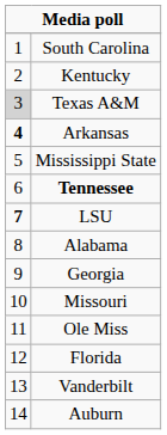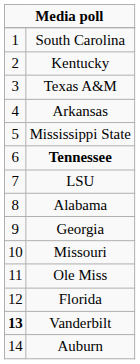 <table class="wikitable">
 <tr align="center">
 <td align="center" Colspan="2"><strong>Media poll</strong></td>
 </tr>
 <tr align="center">
 </tr>
 <tr align="center">
 <td>1</td>
 <td>South Carolina</td>
 </tr>
 <tr align="center">
 <td>2</td>
 <td>Kentucky</td>
 </tr>
 <tr align="center">
-<td style="background: lightgrey;">3</td>
+<td>3</td>
 <td>Texas A&M</td>
 </tr>
 <tr align="center">
-<td><strong>4</strong></td>
+<td>4</td>
 <td>Arkansas</td>
 </tr>
 <tr align="center">
 <td>5</td>
 <td>Mississippi State</td>
 </tr>
 <tr align="center">
 <td>6</td>
 <td><strong>Tennessee</strong></td>
 </tr>
 <tr align="center">
-<td><strong>7</strong></td>
+<td>7</td>
 <td>LSU</td>
 </tr>
 <tr align="center">
 <td>8</td>
 <td>Alabama</td>
 </tr>
 <tr align="center">
 <td>9</td>
 <td>Georgia</td>
 </tr>
 <tr align="center">
 <td>10</td>
 <td>Missouri</td>
 </tr>
 <tr align="center">
 <td>11</td>
 <td>Ole Miss</td>
 </tr>
 <tr align="center">
 <td>12</td>
 <td>Florida</td>
 </tr>
 <tr align="center">
-<td>13</td>
+<td><strong>13</strong></td>
 <td>Vanderbilt</td>
 </tr>
 <tr align="center">
 <td>14</td>
 <td>Auburn</td>
 </tr>
 </table>
